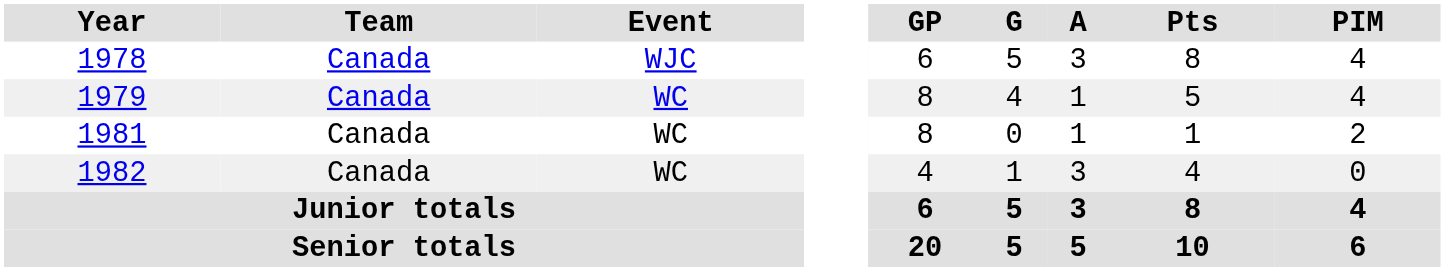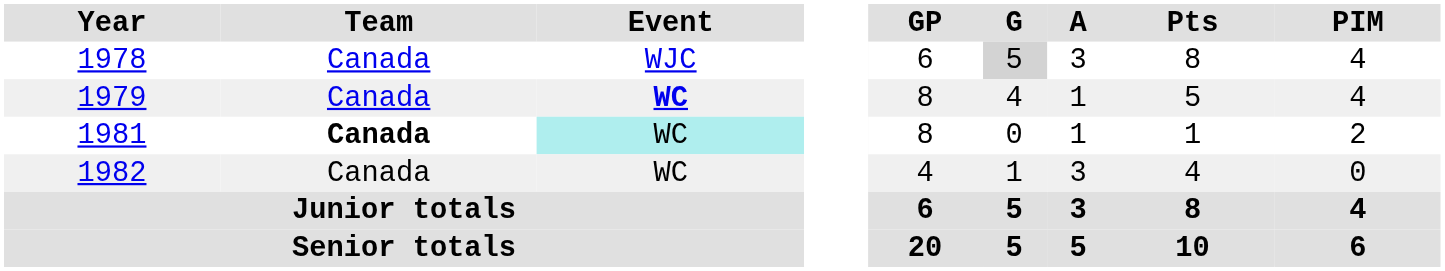 <table border="0" cellpadding="1" cellspacing="0" style="text-align:center; width:50em">
 <tr ALIGN="center" bgcolor="#e0e0e0">
 <th>Year</th>
 <th>Team</th>
 <th>Event</th>
 <th rowspan="99" bgcolor="#ffffff"> </th>
 <th>GP</th>
 <th>G</th>
 <th>A</th>
 <th>Pts</th>
 <th>PIM</th>
 </tr>
 <tr>
 <td><a href='#'>1978</a></td>
 <td><a href='#'>Canada</a></td>
 <td><a href='#'>WJC</a></td>
 <td>6</td>
-<td>5</td>
+<td style="background: lightgrey;">5</td>
 <td>3</td>
 <td>8</td>
 <td>4</td>
 </tr>
 <tr bgcolor="#f0f0f0">
 <td><a href='#'>1979</a></td>
 <td><a href='#'>Canada</a></td>
-<td><a href='#'>WC</a></td>
+<td><strong><a href='#'>WC</a></strong></td>
 <td>8</td>
 <td>4</td>
 <td>1</td>
 <td>5</td>
 <td>4</td>
 </tr>
 <tr>
 <td><a href='#'>1981</a></td>
-<td>Canada</td>
-<td>WC</td>
+<td><strong>Canada</strong></td>
+<td style="background: paleturquoise;">WC</td>
 <td>8</td>
 <td>0</td>
 <td>1</td>
 <td>1</td>
 <td>2</td>
 </tr>
 <tr bgcolor="#f0f0f0">
 <td><a href='#'>1982</a></td>
 <td>Canada</td>
 <td>WC</td>
 <td>4</td>
 <td>1</td>
 <td>3</td>
 <td>4</td>
 <td>0</td>
 </tr>
 <tr bgcolor="#e0e0e0">
 <th colspan=3>Junior totals</th>
 <th>6</th>
 <th>5</th>
 <th>3</th>
 <th>8</th>
 <th>4</th>
 </tr>
 <tr bgcolor="#e0e0e0">
 <th colspan=3>Senior totals</th>
 <th>20</th>
 <th>5</th>
 <th>5</th>
 <th>10</th>
 <th>6</th>
 </tr>
 </table>
